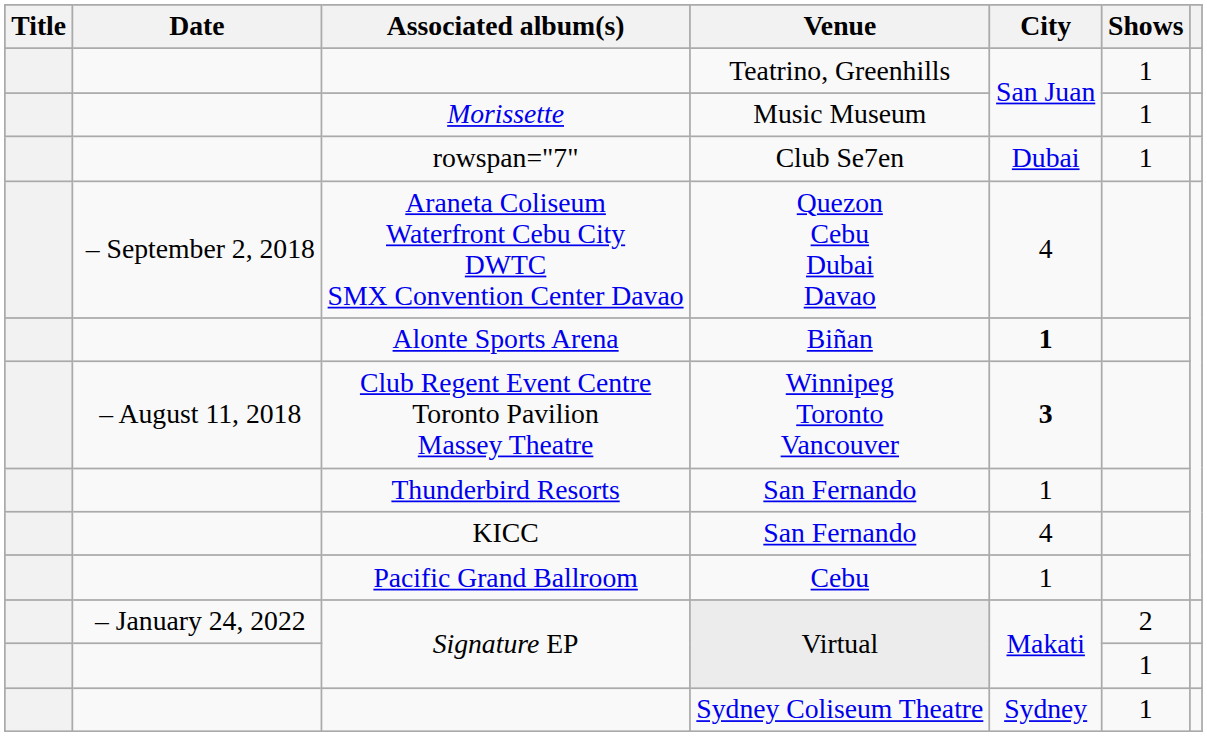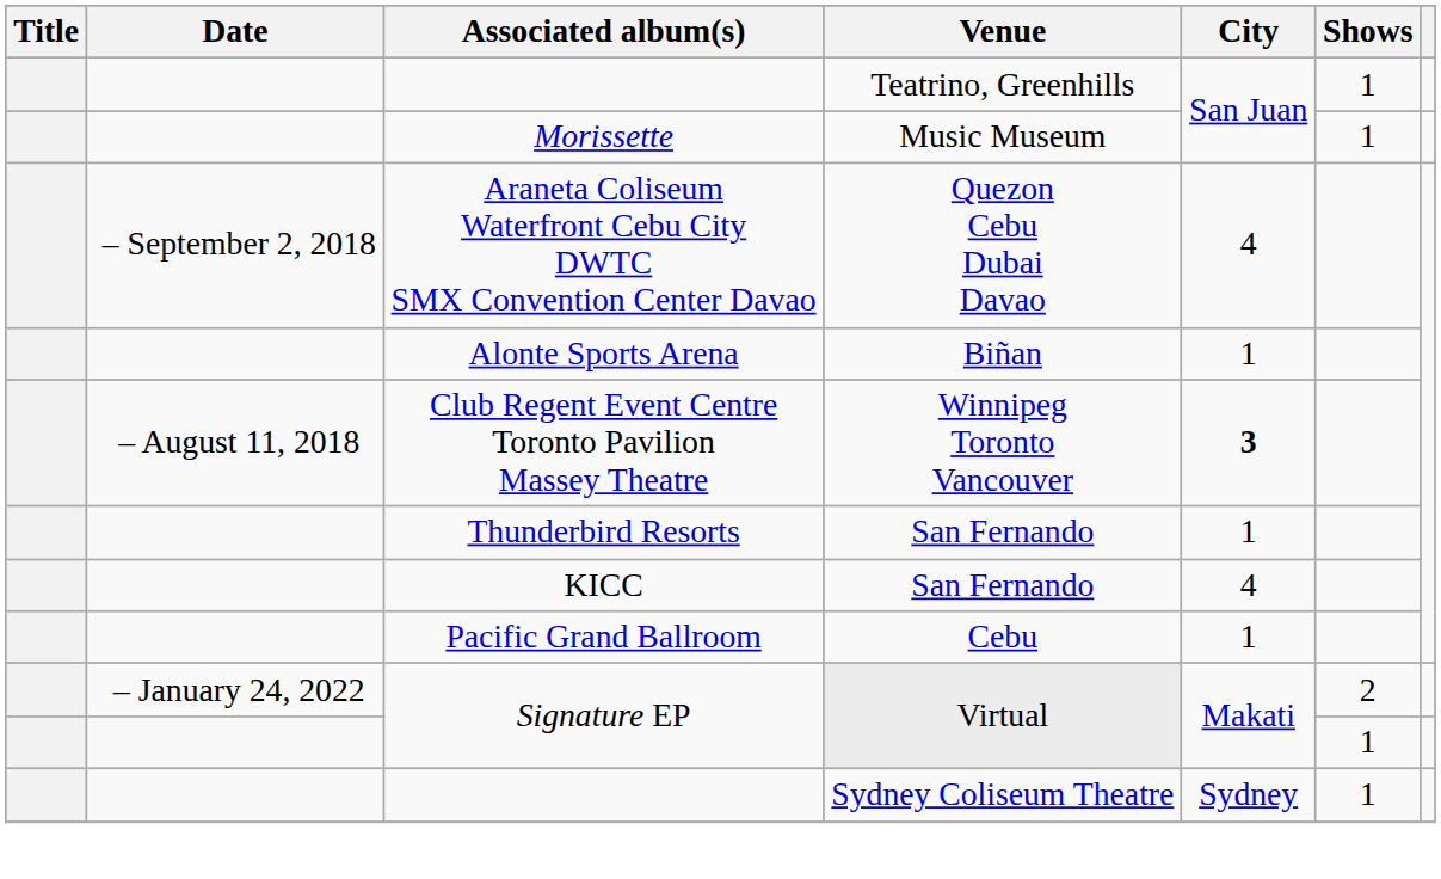 <table class="wikitable sortable plainrowheaders sortable" style="text-align:center;">
 <tr style="background:#ccc; text-align:center;">
 <th scope="col">Title</th>
 <th scope="col">Date</th>
 <th scope="col">Associated album(s)</th>
 <th scope="col">Venue</th>
 <th scope="col">City</th>
 <th scope="col">Shows</th>
 <th scope="col" class="unsortable"></th>
 </tr>
 <tr>
 <th scope="row"></th>
 <td></td>
 <td></td>
 <td>Teatrino, Greenhills</td>
 <td rowspan="2"><a href='#'>San Juan</a></td>
 <td>1</td>
 <td></td>
 </tr>
 <tr>
 <th scope="row"></th>
 <td></td>
 <td><em><a href='#'>Morissette</a></em></td>
 <td>Music Museum</td>
 <td>1</td>
 <td></td>
 </tr>
 <tr>
 <th scope="row"></th>
-<td></td>
-<td>rowspan="7" </td>
-<td>Club Se7en</td>
-<td><a href='#'>Dubai</a></td>
-<td>1</td>
-<td></td>
-</tr>
-<tr>
-<th scope="row"></th>
 <td> – September 2, 2018</td>
 <td><a href='#'>Araneta Coliseum</a><br><a href='#'>Waterfront Cebu City</a><br><a href='#'>DWTC</a><br><a href='#'>SMX Convention Center Davao</a></td>
 <td><a href='#'>Quezon</a><br><a href='#'>Cebu</a><br><a href='#'>Dubai</a><br><a href='#'>Davao</a></td>
 <td>4</td>
 <td></td>
 </tr>
 <tr>
 <th scope="row"></th>
 <td></td>
 <td><a href='#'>Alonte Sports Arena</a></td>
 <td><a href='#'>Biñan</a></td>
-<td><strong>1</strong></td>
+<td>1</td>
 <td></td>
 </tr>
 <tr>
 <th scope="row"></th>
 <td> – August 11, 2018</td>
 <td><a href='#'>Club Regent Event Centre</a><br>Toronto Pavilion<br><a href='#'>Massey Theatre</a></td>
 <td><a href='#'>Winnipeg</a><br><a href='#'>Toronto</a><br><a href='#'>Vancouver</a></td>
 <td><strong>3</strong></td>
 <td></td>
 </tr>
 <tr>
 <th scope="row"></th>
 <td></td>
 <td><a href='#'>Thunderbird Resorts</a></td>
 <td><a href='#'>San Fernando</a></td>
 <td>1</td>
 <td></td>
 </tr>
 <tr>
 <th scope="row"></th>
 <td></td>
 <td>KICC</td>
 <td><a href='#'>San Fernando</a></td>
 <td>4</td>
 <td></td>
 </tr>
 <tr>
 <th scope="row"></th>
 <td></td>
 <td><a href='#'>Pacific Grand Ballroom</a></td>
 <td><a href='#'>Cebu</a></td>
 <td>1</td>
 <td></td>
 </tr>
 <tr>
 <th scope="row"></th>
 <td> – January 24, 2022</td>
 <td rowspan="2"><em>Signature</em> EP</td>
 <td rowspan="2" style="background:#ECECEC;">Virtual</td>
 <td rowspan="2"><a href='#'>Makati</a></td>
 <td>2</td>
 <td></td>
 </tr>
 <tr>
 <th scope="row"></th>
 <td></td>
 <td>1</td>
 <td></td>
 </tr>
 <tr>
 <th scope="row"></th>
 <td></td>
 <td></td>
 <td><a href='#'>Sydney Coliseum Theatre</a></td>
 <td><a href='#'>Sydney</a></td>
 <td>1</td>
 <td></td>
 </tr>
 <tr>
 </tr>
 </table>
